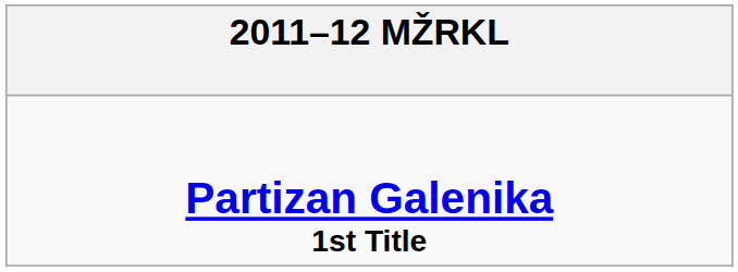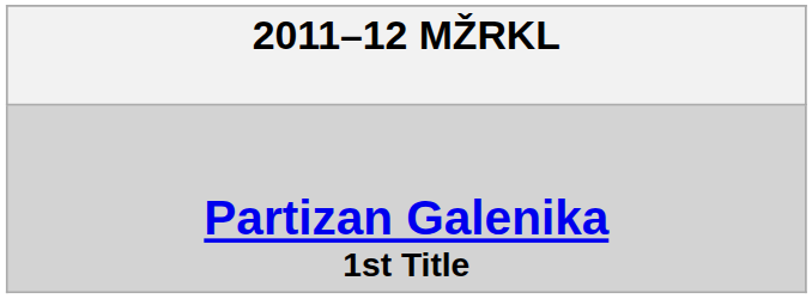 <table class="wikitable" style="margin: 0 auto; width: 30%;">
 <tr>
 <th><big>2011–12 MŽRKL</big><br><br></th>
 </tr>
 <tr>
-<td align=center><br><br><big><big><strong><a href='#'>Partizan Galenika</a></strong><br></big></big><strong>1st Title</strong></td>
+<td align=center style="background: lightgrey;"><br><br><big><big><strong><a href='#'>Partizan Galenika</a></strong><br></big></big><strong>1st Title</strong></td>
 </tr>
 </table>
